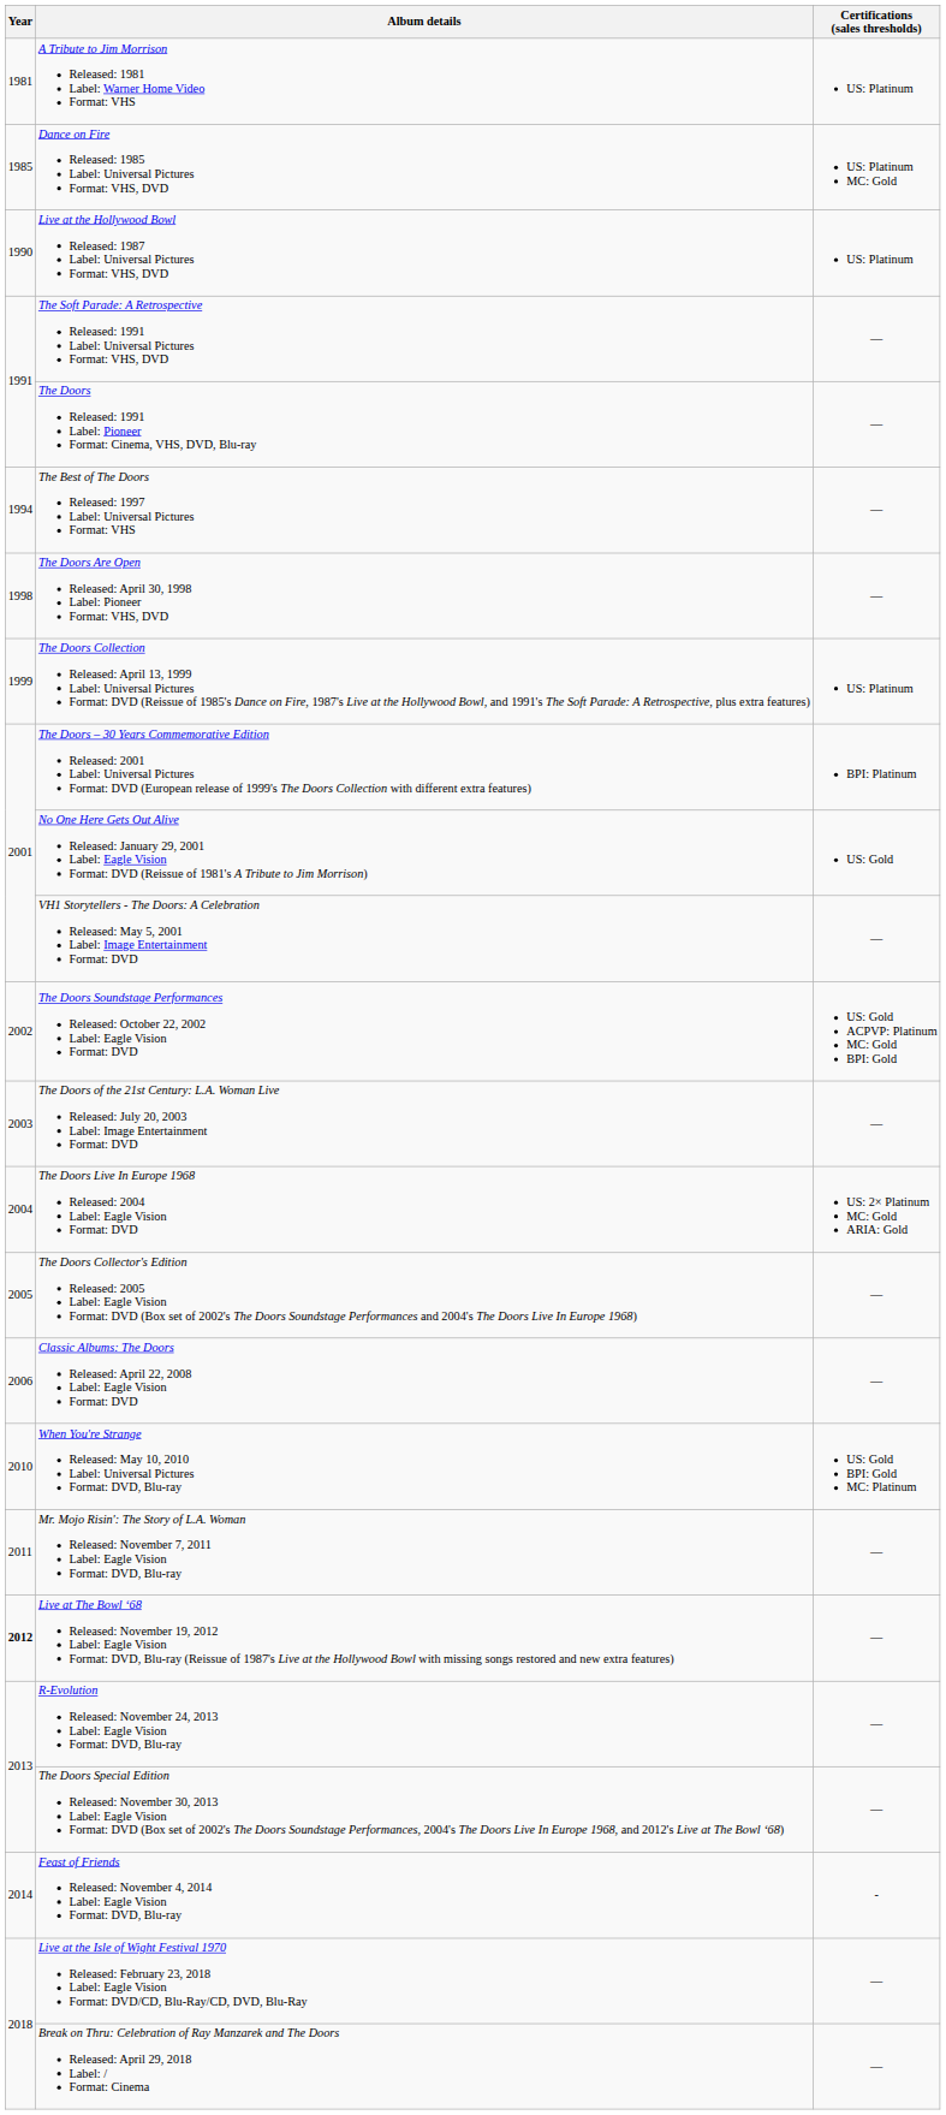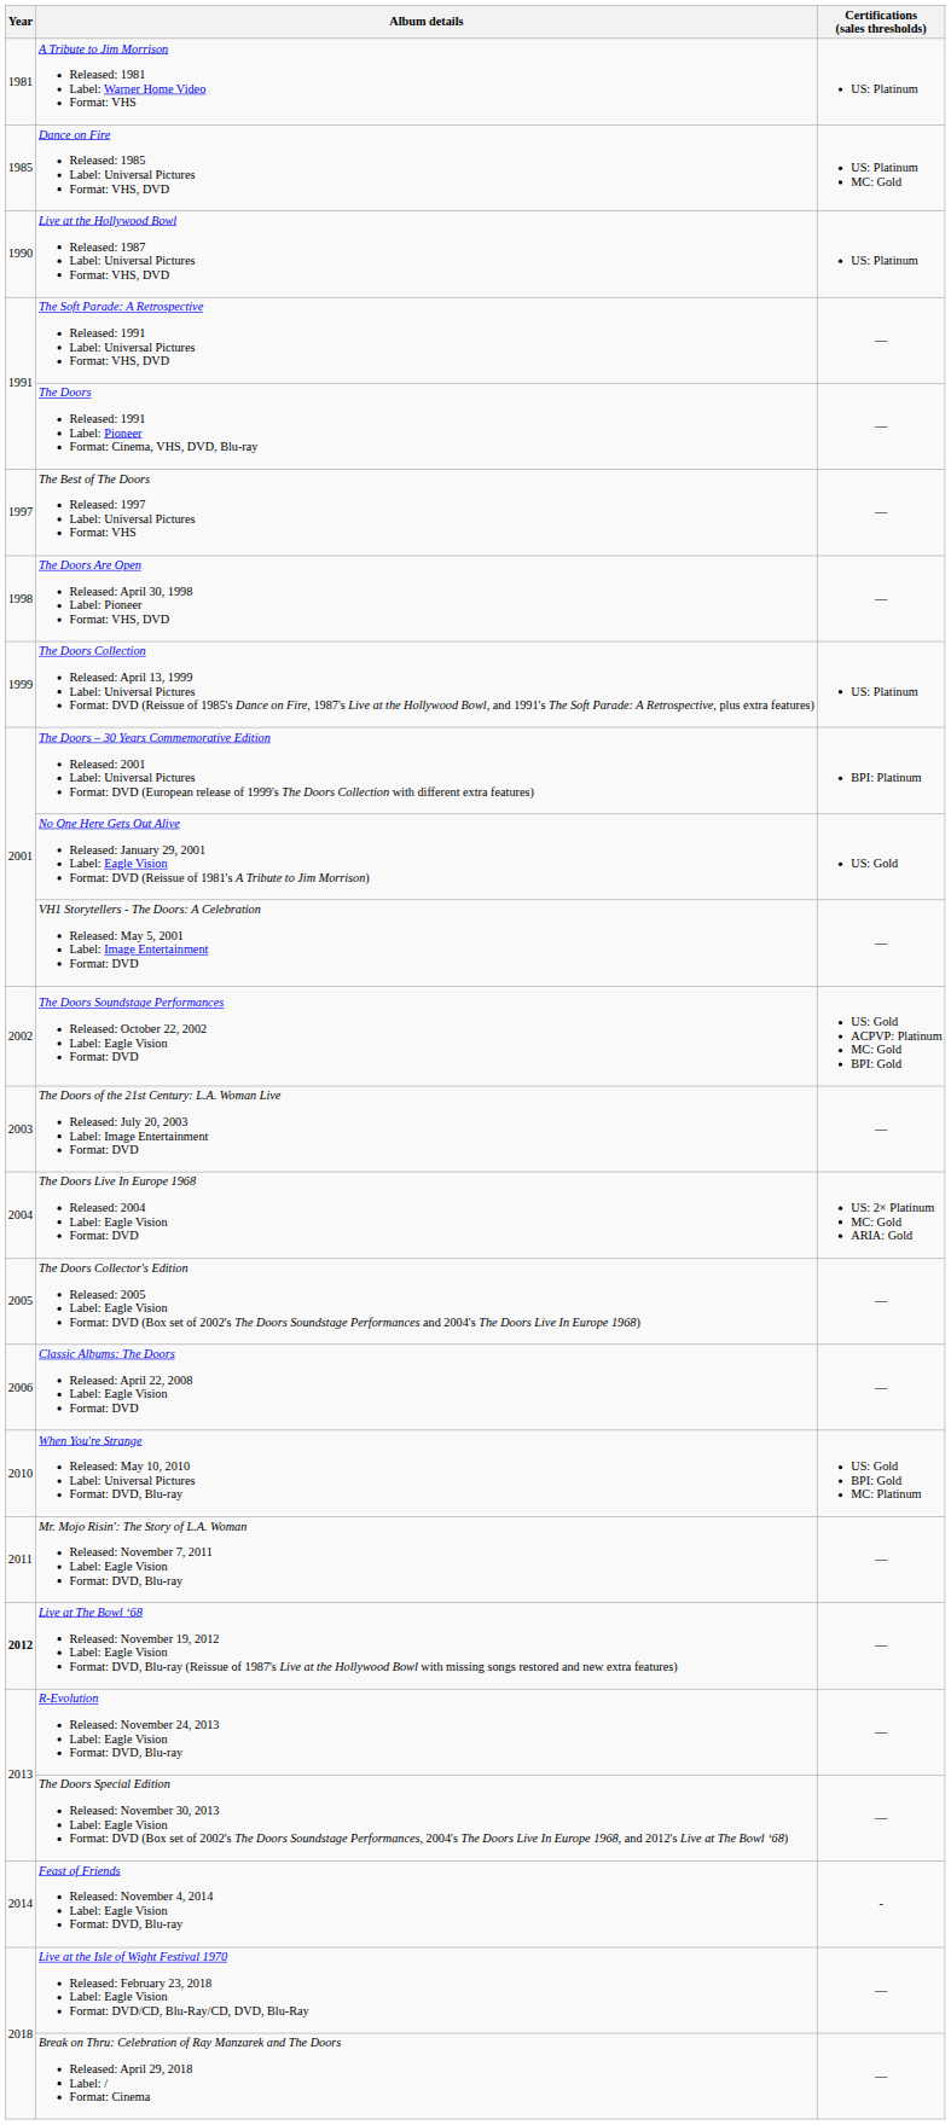 <table class="wikitable">
 <tr>
 <th>Year</th>
 <th>Album details</th>
 <th>Certifications<br>(sales thresholds)</th>
 </tr>
 <tr>
 <td style="text-align:center;">1981</td>
 <td><em><a href='#'>A Tribute to Jim Morrison</a></em><br><ul><li>Released: 1981</li><li>Label: <a href='#'>Warner Home Video</a></li><li>Format: VHS</li></ul></td>
 <td><br><ul><li>US: Platinum</li></ul></td>
 </tr>
 <tr>
 <td style="text-align:center;">1985</td>
 <td><em><a href='#'>Dance on Fire</a></em><br><ul><li>Released: 1985</li><li>Label: Universal Pictures</li><li>Format: VHS, DVD</li></ul></td>
 <td><br><ul><li>US: Platinum</li><li>MC: Gold</li></ul></td>
 </tr>
 <tr>
 <td style="text-align:center;">1990</td>
 <td><em><a href='#'>Live at the Hollywood Bowl</a></em><br><ul><li>Released: 1987</li><li>Label: Universal Pictures</li><li>Format: VHS, DVD</li></ul></td>
 <td><br><ul><li>US: Platinum</li></ul></td>
 </tr>
 <tr>
 <td rowspan="2" style="text-align:center;">1991</td>
 <td><em><a href='#'>The Soft Parade: A Retrospective</a></em><br><ul><li>Released: 1991</li><li>Label: Universal Pictures</li><li>Format: VHS, DVD</li></ul></td>
 <td style="text-align:center;">—</td>
 </tr>
 <tr>
 <td><em><a href='#'>The Doors</a></em><br><ul><li>Released: 1991</li><li>Label: <a href='#'>Pioneer</a></li><li>Format: Cinema, VHS, DVD, Blu-ray</li></ul></td>
 <td style="text-align:center;">—</td>
 </tr>
 <tr>
-<td style="text-align:center;">1994</td>
+<td style="text-align:center;">1997</td>
 <td><em>The Best of The Doors</em><br><ul><li>Released: 1997</li><li>Label: Universal Pictures</li><li>Format: VHS</li></ul></td>
 <td style="text-align:center;">—</td>
 </tr>
 <tr>
 <td style="text-align:center;">1998</td>
 <td><em><a href='#'>The Doors Are Open</a></em><br><ul><li>Released: April 30, 1998</li><li>Label: Pioneer</li><li>Format: VHS, DVD</li></ul></td>
 <td style="text-align:center;">—</td>
 </tr>
 <tr>
 <td style="text-align:center;">1999</td>
 <td><em><a href='#'>The Doors Collection</a></em><br><ul><li>Released: April 13, 1999</li><li>Label: Universal Pictures</li><li>Format: DVD (Reissue of 1985's <em>Dance on Fire</em>, 1987's <em>Live at the Hollywood Bowl</em>, and 1991's <em>The Soft Parade: A Retrospective</em>, plus extra features)</li></ul></td>
 <td><br><ul><li>US: Platinum</li></ul></td>
 </tr>
 <tr>
 <td rowspan="3" style="text-align:center;">2001</td>
 <td><em><a href='#'>The Doors – 30 Years Commemorative Edition</a></em><br><ul><li>Released: 2001</li><li>Label: Universal Pictures</li><li>Format: DVD (European release of 1999's <em>The Doors Collection</em> with different extra features)</li></ul></td>
 <td><br><ul><li>BPI: Platinum</li></ul></td>
 </tr>
 <tr>
 <td><em><a href='#'>No One Here Gets Out Alive</a></em><br><ul><li>Released: January 29, 2001</li><li>Label: <a href='#'>Eagle Vision</a></li><li>Format: DVD (Reissue of 1981's <em>A Tribute to Jim Morrison</em>)</li></ul></td>
 <td><br><ul><li>US: Gold</li></ul></td>
 </tr>
 <tr>
 <td><em>VH1 Storytellers - The Doors: A Celebration</em><br><ul><li>Released: May 5, 2001</li><li>Label: <a href='#'>Image Entertainment</a></li><li>Format: DVD</li></ul></td>
 <td style="text-align:center;">—</td>
 </tr>
 <tr>
 <td style="text-align:center;">2002</td>
 <td><em><a href='#'>The Doors Soundstage Performances</a></em><br><ul><li>Released: October 22, 2002</li><li>Label: Eagle Vision</li><li>Format: DVD</li></ul></td>
 <td><br><ul><li>US: Gold</li><li>ACPVP: Platinum</li><li>MC: Gold</li><li>BPI: Gold</li></ul></td>
 </tr>
 <tr>
 <td style="text-align:center;">2003</td>
 <td><em>The Doors of the 21st Century: L.A. Woman Live</em><br><ul><li>Released: July 20, 2003</li><li>Label: Image Entertainment</li><li>Format: DVD</li></ul></td>
 <td style="text-align:center;">—</td>
 </tr>
 <tr>
 <td style="text-align:center;">2004</td>
 <td><em>The Doors Live In Europe 1968</em><br><ul><li>Released: 2004</li><li>Label: Eagle Vision</li><li>Format: DVD</li></ul></td>
 <td><br><ul><li>US: 2× Platinum</li><li>MC: Gold</li><li>ARIA: Gold</li></ul></td>
 </tr>
 <tr>
 <td style="text-align:center;">2005</td>
 <td><em>The Doors Collector's Edition</em><br><ul><li>Released: 2005</li><li>Label: Eagle Vision</li><li>Format: DVD (Box set of 2002's <em>The Doors Soundstage Performances</em> and 2004's <em>The Doors Live In Europe 1968</em>)</li></ul></td>
 <td style="text-align:center;">—</td>
 </tr>
 <tr>
 <td style="text-align:center;">2006</td>
 <td><em><a href='#'>Classic Albums: The Doors</a></em><br><ul><li>Released: April 22, 2008</li><li>Label: Eagle Vision</li><li>Format: DVD</li></ul></td>
 <td style="text-align:center;">—</td>
 </tr>
 <tr>
 <td style="text-align:center;">2010</td>
 <td><em><a href='#'>When You're Strange</a></em><br><ul><li>Released: May 10, 2010</li><li>Label: Universal Pictures</li><li>Format: DVD, Blu-ray</li></ul></td>
 <td><br><ul><li>US: Gold</li><li>BPI: Gold</li><li>MC: Platinum</li></ul></td>
 </tr>
 <tr>
 <td style="text-align:center;">2011</td>
 <td><em>Mr. Mojo Risin': The Story of L.A. Woman</em><br><ul><li>Released: November 7, 2011</li><li>Label: Eagle Vision</li><li>Format: DVD, Blu-ray</li></ul></td>
 <td style="text-align:center;">—</td>
 </tr>
 <tr>
 <td style="text-align:center;"><strong>2012</strong></td>
 <td><em><a href='#'>Live at The Bowl ‘68</a></em><br><ul><li>Released: November 19, 2012</li><li>Label: Eagle Vision</li><li>Format: DVD, Blu-ray (Reissue of 1987's <em>Live at the Hollywood Bowl</em> with missing songs restored and new extra features)</li></ul></td>
 <td style="text-align:center;">—</td>
 </tr>
 <tr>
 <td rowspan="2" style="text-align:center;">2013</td>
 <td><em><a href='#'>R-Evolution</a></em><br><ul><li>Released: November 24, 2013</li><li>Label: Eagle Vision</li><li>Format: DVD, Blu-ray</li></ul></td>
 <td style="text-align:center;">—</td>
 </tr>
 <tr>
 <td><em>The Doors Special Edition</em><br><ul><li>Released: November 30, 2013</li><li>Label: Eagle Vision</li><li>Format: DVD (Box set of 2002's <em>The Doors Soundstage Performances</em>, 2004's <em>The Doors Live In Europe 1968</em>, and 2012's <em>Live at The Bowl ‘68</em>)</li></ul></td>
 <td style="text-align:center;">—</td>
 </tr>
 <tr>
 <td style="text-align:center;">2014</td>
 <td><em><a href='#'>Feast of Friends</a></em><br><ul><li>Released: November 4, 2014</li><li>Label: Eagle Vision</li><li>Format: DVD, Blu-ray</li></ul></td>
 <td style="text-align:center;">-</td>
 </tr>
 <tr>
 <td rowspan="2" style="text-align:center;">2018</td>
 <td><em><a href='#'>Live at the Isle of Wight Festival 1970</a></em><br><ul><li>Released: February 23, 2018</li><li>Label: Eagle Vision</li><li>Format: DVD/CD, Blu-Ray/CD, DVD, Blu-Ray</li></ul></td>
 <td style="text-align:center;">—</td>
 </tr>
 <tr>
 <td><em>Break on Thru: Celebration of Ray Manzarek and The Doors</em><br><ul><li>Released: April 29, 2018</li><li>Label: /</li><li>Format: Cinema</li></ul></td>
 <td style="text-align:center;">—</td>
 </tr>
 </table>
